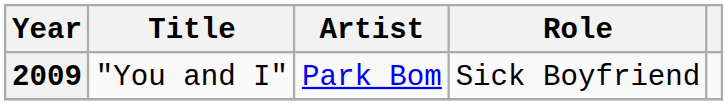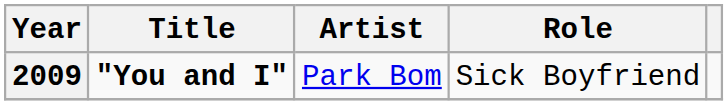 <table class="wikitable sortable plainrowheaders">
 <tr>
 <th scope="col">Year</th>
 <th scope="col">Title</th>
 <th scope="col">Artist</th>
 <th scope="col">Role</th>
 <th scope="col" class="unsortable"></th>
 </tr>
 <tr>
 <th scope="row">2009</th>
-<td>"You and I"</td>
+<td><strong>"You and I"</strong></td>
 <td><a href='#'>Park Bom</a></td>
 <td>Sick Boyfriend</td>
 <td></td>
 </tr>
 <tr>
 </tr>
 </table>
